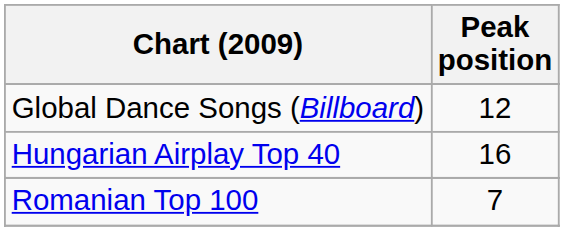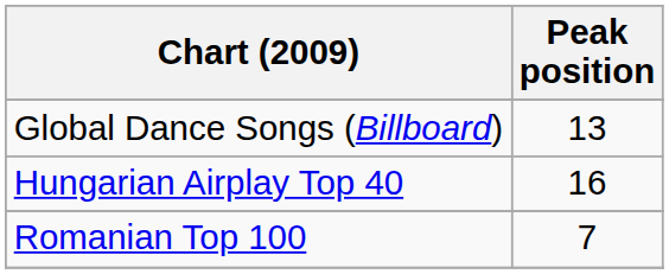 <table class="wikitable sortable">
 <tr>
 <th>Chart (2009)</th>
 <th>Peak<br>position</th>
 </tr>
 <tr>
 </tr>
 <tr>
 </tr>
 <tr>
 </tr>
 <tr>
 </tr>
 <tr>
 </tr>
 <tr>
 </tr>
 <tr>
 <td>Global Dance Songs (<em><a href='#'>Billboard</a></em>)</td>
-<td style="text-align:center;">12</td>
+<td style="text-align:center;">13</td>
 </tr>
 <tr>
 <td><a href='#'>Hungarian Airplay Top 40</a></td>
 <td align="center">16</td>
 </tr>
 <tr>
 </tr>
 <tr>
 </tr>
 <tr>
 </tr>
 <tr>
 <td><a href='#'>Romanian Top 100</a></td>
 <td style="text-align:center;">7</td>
 </tr>
 <tr>
 </tr>
 <tr>
 </tr>
 <tr>
 </tr>
 <tr>
 </tr>
 <tr>
 </tr>
 <tr>
 </tr>
 <tr>
 </tr>
 <tr>
 </tr>
 <tr>
 </tr>
 </table>
